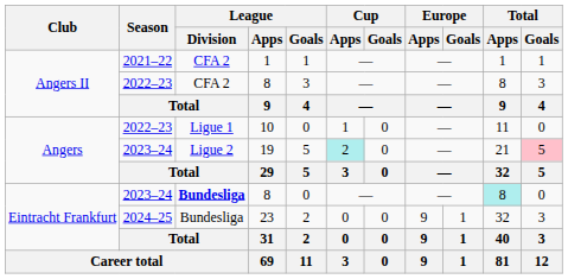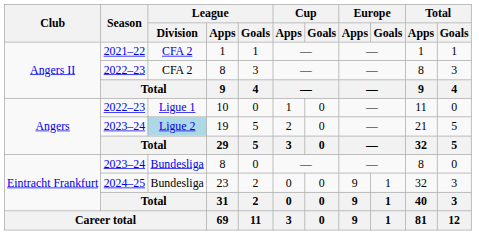 <table class="wikitable" style="text-align: center">
 <tr>
 <th rowspan="2">Club</th>
 <th rowspan="2">Season</th>
 <th colspan="3">League</th>
 <th colspan="2">Cup</th>
 <th colspan="2">Europe</th>
 <th colspan="2">Total</th>
 </tr>
 <tr>
 <th>Division</th>
 <th>Apps</th>
 <th>Goals</th>
 <th>Apps</th>
 <th>Goals</th>
 <th>Apps</th>
 <th>Goals</th>
 <th>Apps</th>
 <th>Goals</th>
 </tr>
 <tr>
 <td rowspan="3"><a href='#'>Angers II</a></td>
 <td><a href='#'>2021–22</a></td>
 <td><a href='#'>CFA 2</a></td>
 <td>1</td>
 <td>1</td>
 <td colspan="2">—</td>
 <td colspan="2">—</td>
 <td>1</td>
 <td>1</td>
 </tr>
 <tr>
 <td><a href='#'>2022–23</a></td>
 <td>CFA 2</td>
 <td>8</td>
 <td>3</td>
 <td colspan="2">—</td>
 <td colspan="2">—</td>
 <td>8</td>
 <td>3</td>
 </tr>
 <tr>
 <th colspan="2">Total</th>
 <th>9</th>
 <th>4</th>
 <th colspan="2">—</th>
 <th colspan="2">—</th>
 <th>9</th>
 <th>4</th>
 </tr>
 <tr>
 <td rowspan="3"><a href='#'>Angers</a></td>
 <td><a href='#'>2022–23</a></td>
 <td><a href='#'>Ligue 1</a></td>
 <td>10</td>
 <td>0</td>
 <td>1</td>
 <td>0</td>
 <td colspan="2">—</td>
 <td>11</td>
 <td>0</td>
 </tr>
 <tr>
 <td><a href='#'>2023–24</a></td>
-<td><a href='#'>Ligue 2</a></td>
+<td style="background: lightblue;"><a href='#'>Ligue 2</a></td>
 <td>19</td>
 <td>5</td>
-<td style="background: paleturquoise;">2</td>
+<td>2</td>
 <td>0</td>
 <td colspan="2">—</td>
 <td>21</td>
-<td style="background: pink;">5</td>
+<td>5</td>
 </tr>
 <tr>
 <th colspan="2">Total</th>
 <th>29</th>
 <th>5</th>
 <th>3</th>
 <th>0</th>
 <th colspan="2">—</th>
 <th>32</th>
 <th>5</th>
 </tr>
 <tr>
 <td rowspan="3"><a href='#'>Eintracht Frankfurt</a></td>
 <td><a href='#'>2023–24</a></td>
-<td><strong><a href='#'>Bundesliga</a></strong></td>
+<td><a href='#'>Bundesliga</a></td>
 <td>8</td>
 <td>0</td>
 <td colspan="2">—</td>
 <td colspan="2">—</td>
-<td style="background: paleturquoise;">8</td>
+<td>8</td>
 <td>0</td>
 </tr>
 <tr>
 <td><a href='#'>2024–25</a></td>
 <td>Bundesliga</td>
 <td>23</td>
 <td>2</td>
 <td>0</td>
 <td>0</td>
 <td>9</td>
 <td>1</td>
 <td>32</td>
 <td>3</td>
 </tr>
 <tr>
 <th colspan="2">Total</th>
 <th>31</th>
 <th>2</th>
 <th>0</th>
 <th>0</th>
 <th>9</th>
 <th>1</th>
 <th>40</th>
 <th>3</th>
 </tr>
 <tr>
 <th colspan="3">Career total</th>
 <th>69</th>
 <th>11</th>
 <th>3</th>
 <th>0</th>
 <th>9</th>
 <th>1</th>
 <th>81</th>
 <th>12</th>
 </tr>
 </table>
